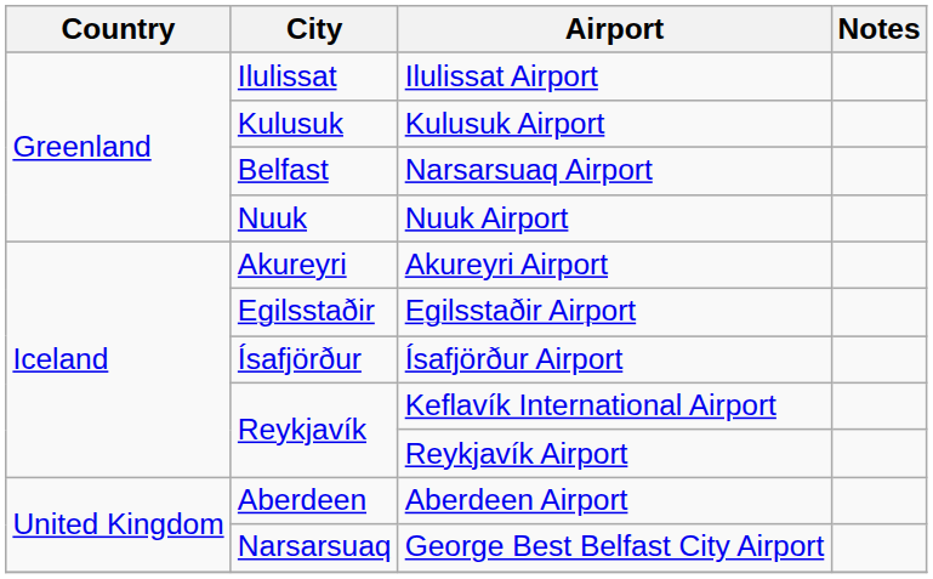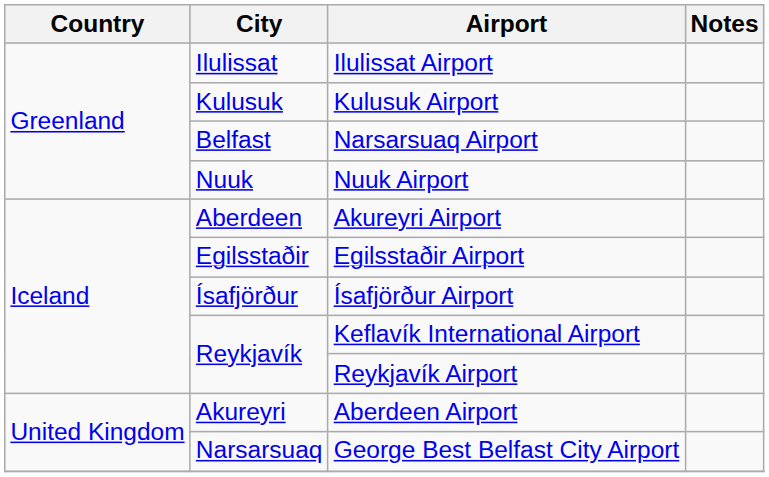 <table class="wikitable sortable">
 <tr>
 <th>Country</th>
 <th>City</th>
 <th>Airport</th>
 <th>Notes</th>
 </tr>
 <tr>
 <td rowspan="4"><a href='#'>Greenland</a></td>
 <td><a href='#'>Ilulissat</a></td>
 <td><a href='#'>Ilulissat Airport</a></td>
 <td></td>
 </tr>
 <tr>
 <td><a href='#'>Kulusuk</a></td>
 <td><a href='#'>Kulusuk Airport</a></td>
 <td></td>
 </tr>
 <tr>
 <td><a href='#'>Belfast</a></td>
 <td><a href='#'>Narsarsuaq Airport</a></td>
 <td></td>
 </tr>
 <tr>
 <td><a href='#'>Nuuk</a></td>
 <td><a href='#'>Nuuk Airport</a></td>
 <td></td>
 </tr>
 <tr>
 <td rowspan="5"><a href='#'>Iceland</a></td>
-<td><a href='#'>Akureyri</a></td>
+<td><a href='#'>Aberdeen</a></td>
 <td><a href='#'>Akureyri Airport</a></td>
 <td></td>
 </tr>
 <tr>
 <td><a href='#'>Egilsstaðir</a></td>
 <td><a href='#'>Egilsstaðir Airport</a></td>
 <td></td>
 </tr>
 <tr>
 <td><a href='#'>Ísafjörður</a></td>
 <td><a href='#'>Ísafjörður Airport</a></td>
 <td></td>
 </tr>
 <tr>
 <td rowspan="2"><a href='#'>Reykjavík</a></td>
 <td><a href='#'>Keflavík International Airport</a></td>
 <td></td>
 </tr>
 <tr>
 <td><a href='#'>Reykjavík Airport</a></td>
 <td></td>
 </tr>
 <tr>
 <td rowspan="2"><a href='#'>United Kingdom</a></td>
-<td><a href='#'>Aberdeen</a></td>
+<td><a href='#'>Akureyri</a></td>
 <td><a href='#'>Aberdeen Airport</a></td>
 <td></td>
 </tr>
 <tr>
 <td><a href='#'>Narsarsuaq</a></td>
 <td><a href='#'>George Best Belfast City Airport</a></td>
 <td></td>
 </tr>
 <tr>
 </tr>
 </table>
